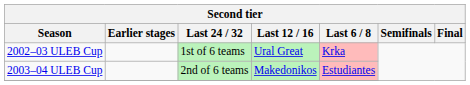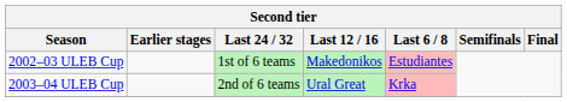 <table class="wikitable" style="font-size:90%">
 <tr>
 <th colspan=7>Second tier</th>
 </tr>
 <tr>
 <th>Season</th>
 <th>Earlier stages</th>
 <th>Last 24 / 32</th>
 <th>Last 12 / 16</th>
 <th>Last 6 / 8</th>
 <th>Semifinals</th>
 <th>Final</th>
 </tr>
 <tr>
 <td><a href='#'>2002–03 ULEB Cup</a></td>
 <td></td>
 <td bgcolor=#BBF3BB>1st of 6 teams</td>
-<td bgcolor=#BBF3BB> <a href='#'>Ural Great</a></td>
-<td bgcolor=#FFBBBB> <a href='#'>Krka</a></td>
+<td bgcolor=#BBF3BB> <a href='#'>Makedonikos</a></td>
+<td bgcolor=#FFBBBB> <a href='#'>Estudiantes</a></td>
 </tr>
 <tr>
 <td><a href='#'>2003–04 ULEB Cup</a></td>
 <td></td>
 <td bgcolor=#BBF3BB>2nd of 6 teams</td>
-<td bgcolor=#BBF3BB> <a href='#'>Makedonikos</a></td>
-<td bgcolor=#FFBBBB> <a href='#'>Estudiantes</a></td>
+<td bgcolor=#BBF3BB> <a href='#'>Ural Great</a></td>
+<td bgcolor=#FFBBBB> <a href='#'>Krka</a></td>
 </tr>
 <tr>
 </tr>
 </table>
